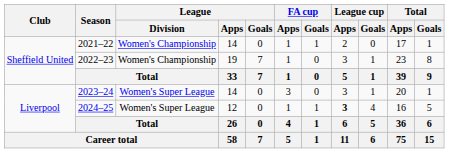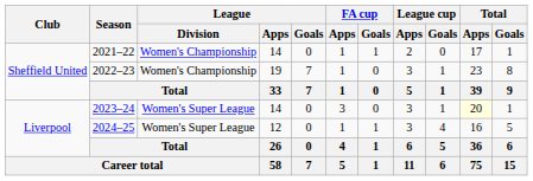 <table class="wikitable" style="text-align:center">
 <tr>
 <th rowspan="2">Club</th>
 <th rowspan="2">Season</th>
 <th colspan="3">League</th>
 <th colspan="2"><a href='#'>FA cup</a></th>
 <th colspan="2">League cup</th>
 <th colspan="2">Total</th>
 </tr>
 <tr>
 <th>Division</th>
 <th>Apps</th>
 <th>Goals</th>
 <th>Apps</th>
 <th>Goals</th>
 <th>Apps</th>
 <th>Goals</th>
 <th>Apps</th>
 <th>Goals</th>
 </tr>
 <tr>
 <td rowspan="3"><a href='#'>Sheffield United</a></td>
 <td>2021–22</td>
 <td><a href='#'>Women's Championship</a></td>
 <td>14</td>
 <td>0</td>
 <td>1</td>
 <td>1</td>
 <td>2</td>
 <td>0</td>
 <td>17</td>
 <td>1</td>
 </tr>
 <tr>
 <td>2022–23</td>
 <td>Women's Championship</td>
 <td>19</td>
 <td>7</td>
 <td>1</td>
 <td>0</td>
 <td>3</td>
 <td>1</td>
 <td>23</td>
 <td>8</td>
 </tr>
 <tr>
 <th colspan="2">Total</th>
 <th>33</th>
 <th>7</th>
 <th>1</th>
 <th>0</th>
 <th>5</th>
 <th>1</th>
 <th>39</th>
 <th>9</th>
 </tr>
 <tr>
 <td rowspan="3"><a href='#'>Liverpool</a></td>
 <td><a href='#'>2023–24</a></td>
 <td><a href='#'>Women's Super League</a></td>
 <td>14</td>
 <td>0</td>
 <td>3</td>
 <td>0</td>
 <td>3</td>
 <td>1</td>
-<td>20</td>
+<td style="background: lightyellow;">20</td>
 <td>1</td>
 </tr>
 <tr>
 <td><a href='#'>2024–25</a></td>
 <td>Women's Super League</td>
 <td>12</td>
 <td>0</td>
 <td>1</td>
 <td>1</td>
-<td><strong>3</strong></td>
+<td>3</td>
 <td>4</td>
 <td>16</td>
 <td>5</td>
 </tr>
 <tr>
 <th colspan="2">Total</th>
 <th>26</th>
 <th>0</th>
 <th>4</th>
 <th>1</th>
 <th>6</th>
 <th>5</th>
 <th>36</th>
 <th>6</th>
 </tr>
 <tr>
 <th colspan="3">Career total</th>
 <th>58</th>
 <th>7</th>
 <th>5</th>
 <th>1</th>
 <th>11</th>
 <th>6</th>
 <th>75</th>
 <th>15</th>
 </tr>
 </table>
